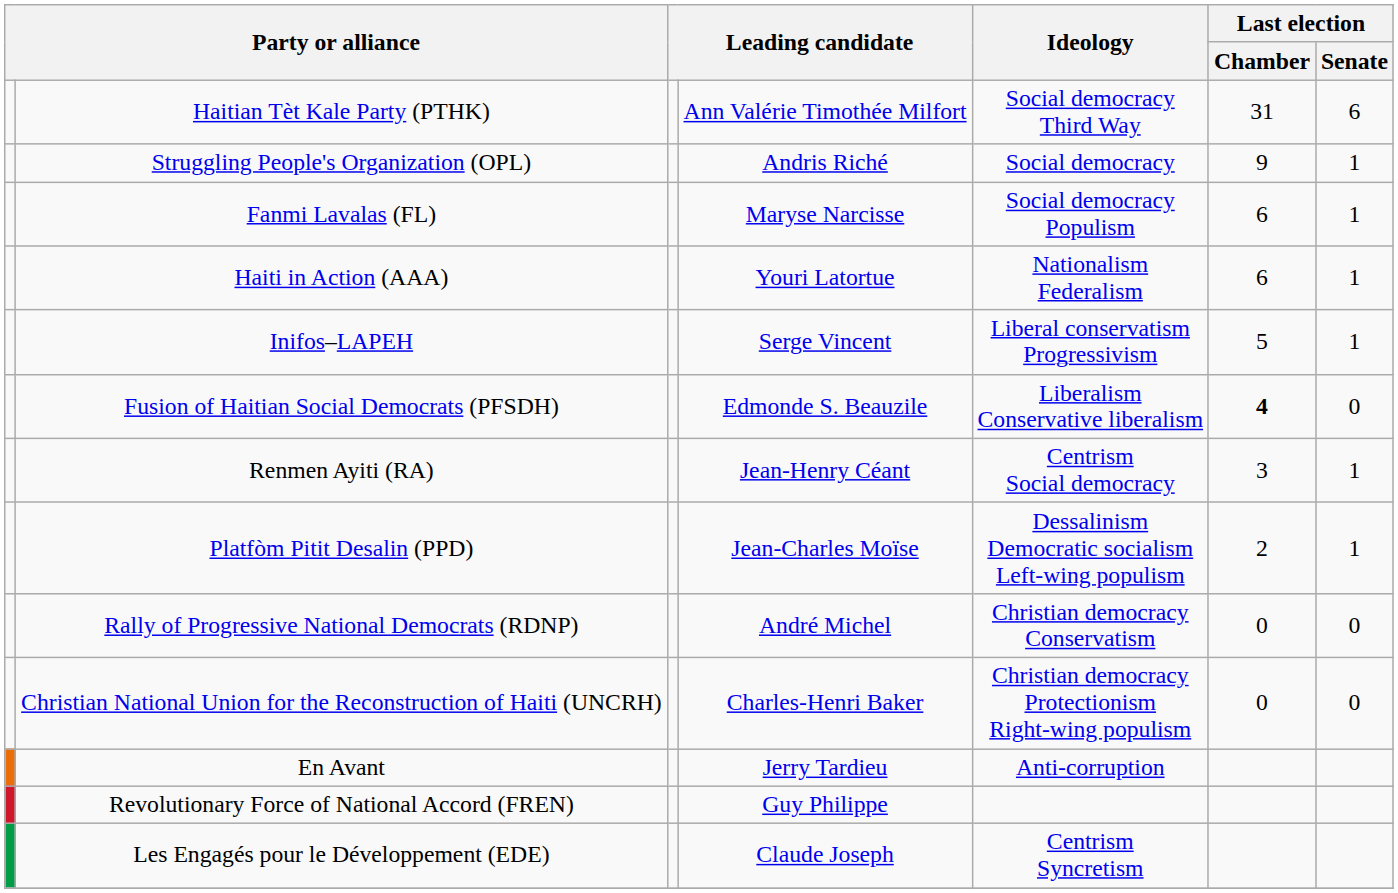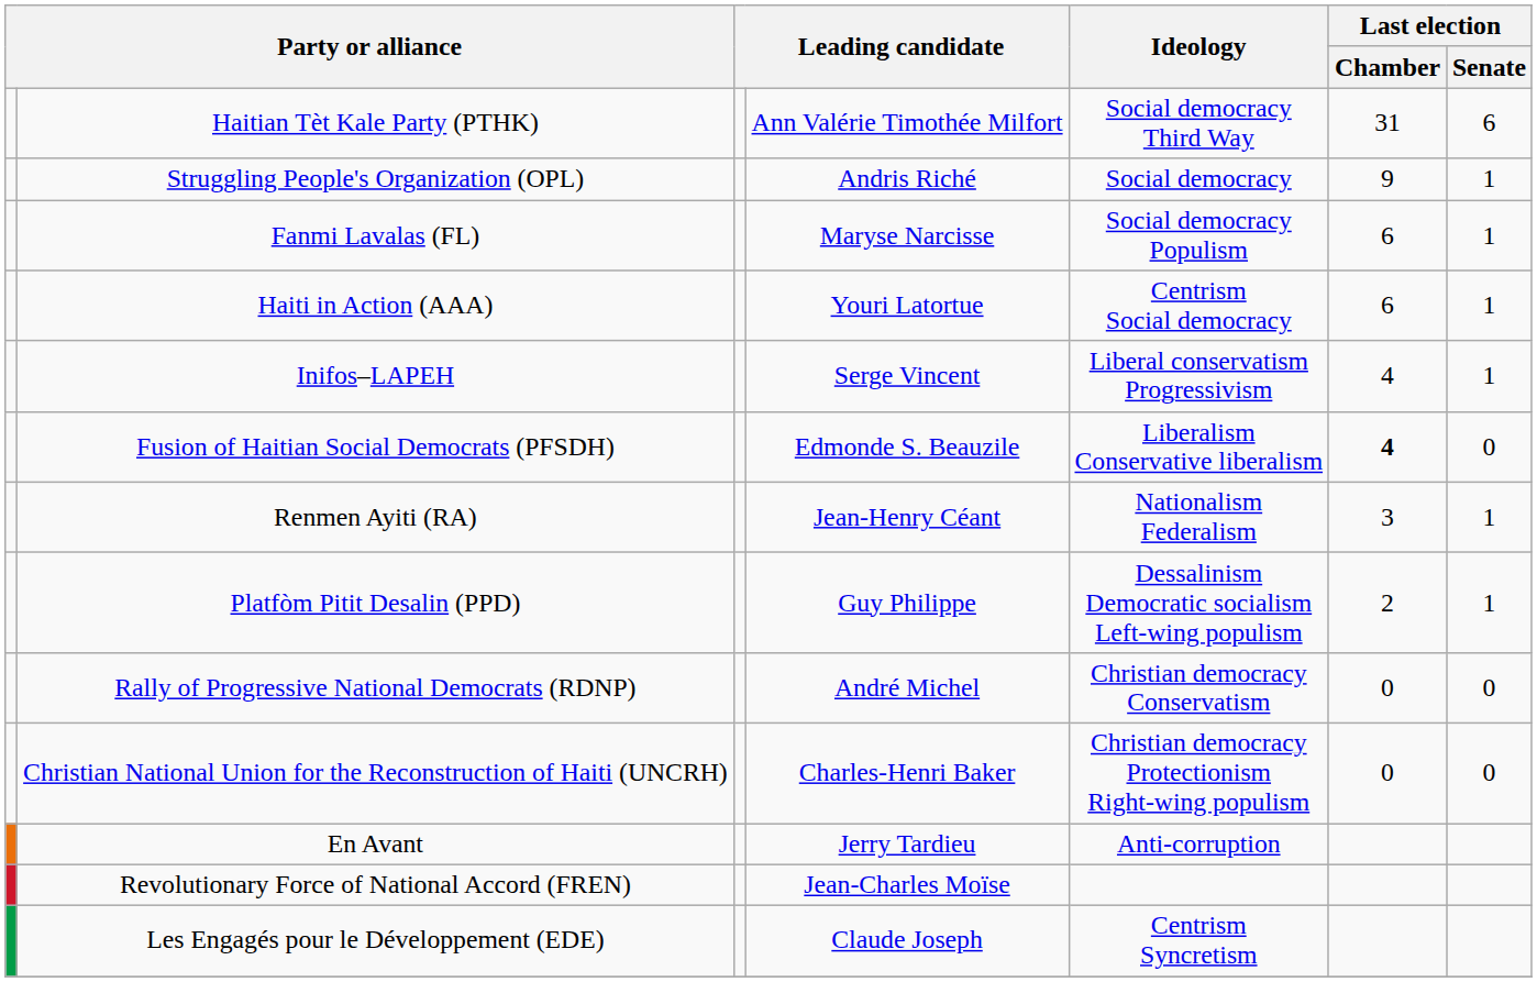 <table class=wikitable style=text-align:center>
 <tr>
 <th colspan=2 rowspan=2>Party or alliance</th>
 <th colspan=2 rowspan=2>Leading candidate</th>
 <th rowspan=2>Ideology</th>
 <th colspan=2>Last election</th>
 </tr>
 <tr>
 <th>Chamber</th>
 <th>Senate</th>
 </tr>
 <tr>
 <td></td>
 <td><a href='#'>Haitian Tèt Kale Party</a> (PTHK)</td>
 <td></td>
 <td><a href='#'>Ann Valérie Timothée Milfort</a></td>
 <td><a href='#'>Social democracy</a><br><a href='#'>Third Way</a></td>
 <td>31</td>
 <td>6</td>
 </tr>
 <tr>
 <td></td>
 <td><a href='#'>Struggling People's Organization</a> (OPL)</td>
 <td></td>
 <td><a href='#'>Andris Riché</a></td>
 <td><a href='#'>Social democracy</a></td>
 <td>9</td>
 <td>1</td>
 </tr>
 <tr>
 <td></td>
 <td><a href='#'>Fanmi Lavalas</a> (FL)</td>
 <td></td>
 <td><a href='#'>Maryse Narcisse</a></td>
 <td><a href='#'>Social democracy</a><br><a href='#'>Populism</a></td>
 <td>6</td>
 <td>1</td>
 </tr>
 <tr>
 <td></td>
 <td><a href='#'>Haiti in Action</a> (AAA)</td>
 <td></td>
 <td><a href='#'>Youri Latortue</a></td>
-<td><a href='#'>Nationalism</a><br><a href='#'>Federalism</a></td>
+<td><a href='#'>Centrism</a><br><a href='#'>Social democracy</a></td>
 <td>6</td>
 <td>1</td>
 </tr>
 <tr>
 <td></td>
 <td><a href='#'>Inifos</a>–<a href='#'>LAPEH</a></td>
 <td></td>
 <td><a href='#'>Serge Vincent</a></td>
 <td><a href='#'>Liberal conservatism</a><br><a href='#'>Progressivism</a></td>
-<td>5</td>
+<td>4</td>
 <td>1</td>
 </tr>
 <tr>
 <td></td>
 <td><a href='#'>Fusion of Haitian Social Democrats</a> (PFSDH)</td>
 <td></td>
 <td><a href='#'>Edmonde S. Beauzile</a></td>
 <td><a href='#'>Liberalism</a><br><a href='#'>Conservative liberalism</a></td>
 <td><strong>4</strong></td>
 <td>0</td>
 </tr>
 <tr>
 <td></td>
 <td>Renmen Ayiti (RA)</td>
 <td></td>
 <td><a href='#'>Jean-Henry Céant</a></td>
-<td><a href='#'>Centrism</a><br><a href='#'>Social democracy</a></td>
+<td><a href='#'>Nationalism</a><br><a href='#'>Federalism</a></td>
 <td>3</td>
 <td>1</td>
 </tr>
 <tr>
 <td></td>
 <td><a href='#'>Platfòm Pitit Desalin</a> (PPD)</td>
 <td></td>
-<td><a href='#'>Jean-Charles Moïse</a></td>
+<td><a href='#'>Guy Philippe</a></td>
 <td><a href='#'>Dessalinism</a><br><a href='#'>Democratic socialism</a><br><a href='#'>Left-wing populism</a></td>
 <td>2</td>
 <td>1</td>
 </tr>
 <tr>
 <td></td>
 <td><a href='#'>Rally of Progressive National Democrats</a> (RDNP)</td>
 <td></td>
 <td><a href='#'>André Michel</a></td>
 <td><a href='#'>Christian democracy</a><br><a href='#'>Conservatism</a></td>
 <td>0</td>
 <td>0</td>
 </tr>
 <tr>
 <td></td>
 <td><a href='#'>Christian National Union for the Reconstruction of Haiti</a> (UNCRH)</td>
 <td></td>
 <td><a href='#'>Charles-Henri Baker</a></td>
 <td><a href='#'>Christian democracy</a><br><a href='#'>Protectionism</a><br><a href='#'>Right-wing populism</a></td>
 <td>0</td>
 <td>0</td>
 </tr>
 <tr>
 <td style="background-color:#eb6f09;"></td>
 <td>En Avant</td>
 <td></td>
 <td><a href='#'>Jerry Tardieu</a></td>
 <td><a href='#'>Anti-corruption</a></td>
 <td></td>
 <td></td>
 </tr>
 <tr>
 <td style="background-color:#cf162b;"></td>
 <td>Revolutionary Force of National Accord (FREN)</td>
 <td></td>
-<td><a href='#'>Guy Philippe</a></td>
+<td><a href='#'>Jean-Charles Moïse</a></td>
 <td></td>
 <td></td>
 <td></td>
 </tr>
 <tr>
 <td style="background-color:#009d47;"></td>
 <td>Les Engagés pour le Développement  (EDE)</td>
 <td></td>
 <td><a href='#'>Claude Joseph</a></td>
 <td><a href='#'>Centrism</a><br><a href='#'>Syncretism</a></td>
 <td></td>
 <td></td>
 </tr>
 <tr>
 </tr>
 </table>
